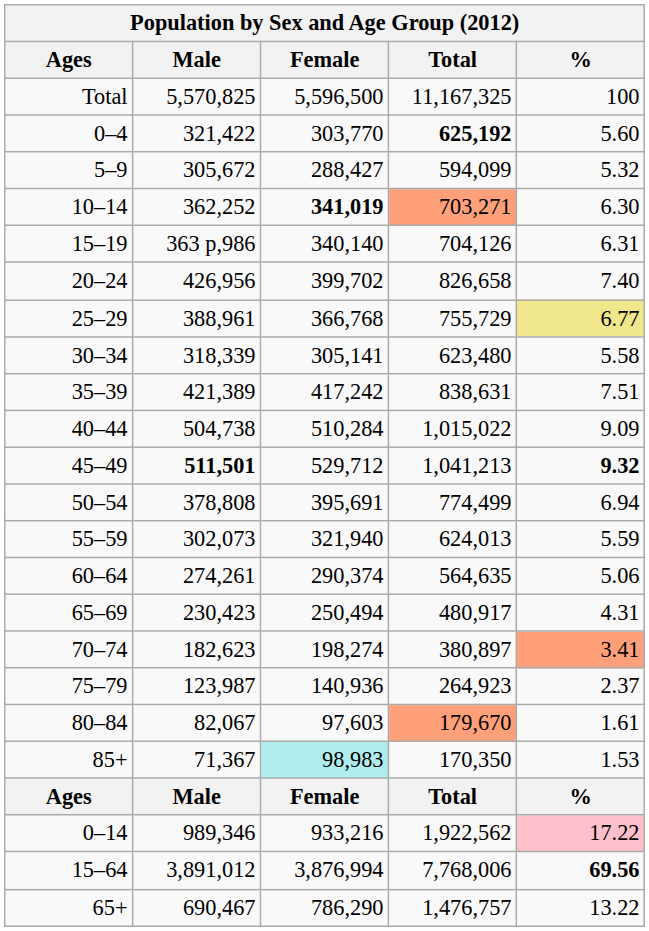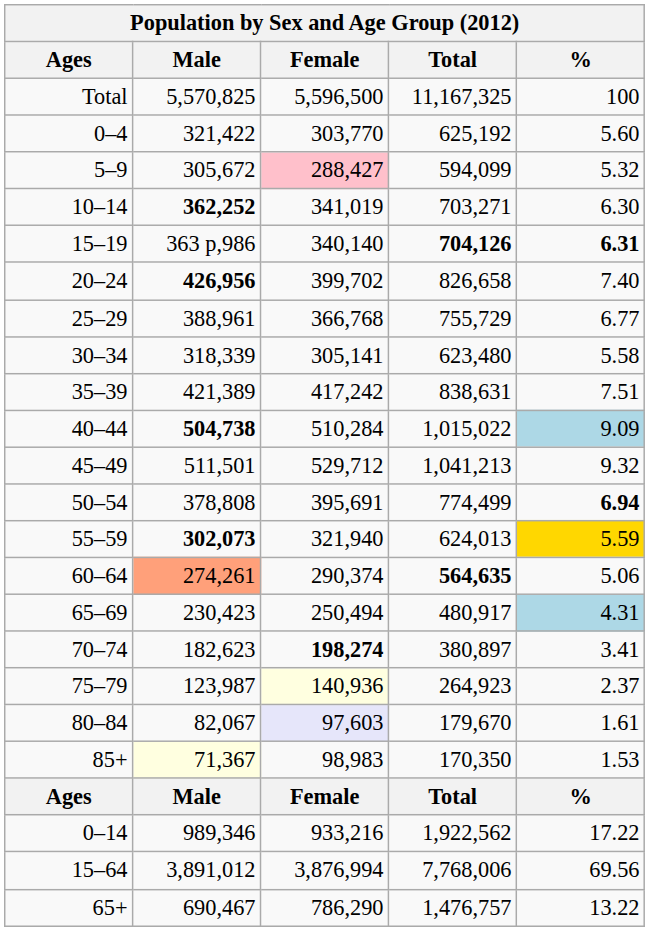 <table class="sort wikitable" style="font-size: 95%">
 <tr>
 <th colspan=6>Population by Sex and Age Group (2012)</th>
 </tr>
 <tr>
 <th width="80pt">Ages</th>
 <th width="80pt">Male</th>
 <th width="80pt">Female</th>
 <th width="80pt">Total</th>
 <th width="80pt">%</th>
 </tr>
 <tr>
 <td align="right">Total</td>
 <td align="right">5,570,825</td>
 <td align="right">5,596,500</td>
 <td align="right">11,167,325</td>
 <td align="right">100</td>
 </tr>
 <tr>
 <td align="right">0–4</td>
 <td align="right">321,422</td>
 <td align="right">303,770</td>
-<td align="right"><strong>625,192</strong></td>
+<td align="right">625,192</td>
 <td align="right">5.60</td>
 </tr>
 <tr>
 <td align="right">5–9</td>
 <td align="right">305,672</td>
-<td align="right">288,427</td>
+<td align="right" style="background: pink;">288,427</td>
 <td align="right">594,099</td>
 <td align="right">5.32</td>
 </tr>
 <tr>
 <td align="right">10–14</td>
-<td align="right">362,252</td>
-<td align="right"><strong>341,019</strong></td>
-<td align="right" style="background: lightsalmon;">703,271</td>
+<td align="right"><strong>362,252</strong></td>
+<td align="right">341,019</td>
+<td align="right">703,271</td>
 <td align="right">6.30</td>
 </tr>
 <tr>
 <td align="right">15–19</td>
 <td align="right">363 p,986</td>
 <td align="right">340,140</td>
-<td align="right">704,126</td>
-<td align="right">6.31</td>
+<td align="right"><strong>704,126</strong></td>
+<td align="right"><strong>6.31</strong></td>
 </tr>
 <tr>
 <td align="right">20–24</td>
-<td align="right">426,956</td>
+<td align="right"><strong>426,956</strong></td>
 <td align="right">399,702</td>
 <td align="right">826,658</td>
 <td align="right">7.40</td>
 </tr>
 <tr>
 <td align="right">25–29</td>
 <td align="right">388,961</td>
 <td align="right">366,768</td>
 <td align="right">755,729</td>
-<td align="right" style="background: khaki;">6.77</td>
+<td align="right">6.77</td>
 </tr>
 <tr>
 <td align="right">30–34</td>
 <td align="right">318,339</td>
 <td align="right">305,141</td>
 <td align="right">623,480</td>
 <td align="right">5.58</td>
 </tr>
 <tr>
 <td align="right">35–39</td>
 <td align="right">421,389</td>
 <td align="right">417,242</td>
 <td align="right">838,631</td>
 <td align="right">7.51</td>
 </tr>
 <tr>
 <td align="right">40–44</td>
-<td align="right">504,738</td>
+<td align="right"><strong>504,738</strong></td>
 <td align="right">510,284</td>
 <td align="right">1,015,022</td>
-<td align="right">9.09</td>
+<td align="right" style="background: lightblue;">9.09</td>
 </tr>
 <tr>
 <td align="right">45–49</td>
-<td align="right"><strong>511,501</strong></td>
+<td align="right">511,501</td>
 <td align="right">529,712</td>
 <td align="right">1,041,213</td>
-<td align="right"><strong>9.32</strong></td>
+<td align="right">9.32</td>
 </tr>
 <tr>
 <td align="right">50–54</td>
 <td align="right">378,808</td>
 <td align="right">395,691</td>
 <td align="right">774,499</td>
-<td align="right">6.94</td>
+<td align="right"><strong>6.94</strong></td>
 </tr>
 <tr>
 <td align="right">55–59</td>
-<td align="right">302,073</td>
+<td align="right"><strong>302,073</strong></td>
 <td align="right">321,940</td>
 <td align="right">624,013</td>
-<td align="right">5.59</td>
+<td align="right" style="background: gold;">5.59</td>
 </tr>
 <tr>
 <td align="right">60–64</td>
-<td align="right">274,261</td>
+<td align="right" style="background: lightsalmon;">274,261</td>
 <td align="right">290,374</td>
-<td align="right">564,635</td>
+<td align="right"><strong>564,635</strong></td>
 <td align="right">5.06</td>
 </tr>
 <tr>
 <td align="right">65–69</td>
 <td align="right">230,423</td>
 <td align="right">250,494</td>
 <td align="right">480,917</td>
-<td align="right">4.31</td>
+<td align="right" style="background: lightblue;">4.31</td>
 </tr>
 <tr>
 <td align="right">70–74</td>
 <td align="right">182,623</td>
-<td align="right">198,274</td>
+<td align="right"><strong>198,274</strong></td>
 <td align="right">380,897</td>
-<td align="right" style="background: lightsalmon;">3.41</td>
+<td align="right">3.41</td>
 </tr>
 <tr>
 <td align="right">75–79</td>
 <td align="right">123,987</td>
-<td align="right">140,936</td>
+<td align="right" style="background: lightyellow;">140,936</td>
 <td align="right">264,923</td>
 <td align="right">2.37</td>
 </tr>
 <tr>
 <td align="right">80–84</td>
 <td align="right">82,067</td>
-<td align="right">97,603</td>
-<td align="right" style="background: lightsalmon;">179,670</td>
+<td align="right" style="background: lavender;">97,603</td>
+<td align="right">179,670</td>
 <td align="right">1.61</td>
 </tr>
 <tr>
 <td align="right">85+</td>
-<td align="right">71,367</td>
-<td align="right" style="background: paleturquoise;">98,983</td>
+<td align="right" style="background: lightyellow;">71,367</td>
+<td align="right">98,983</td>
 <td align="right">170,350</td>
 <td align="right">1.53</td>
 </tr>
 <tr>
 <th width="50">Ages</th>
 <th width="80pt">Male</th>
 <th width="80">Female</th>
 <th width="80">Total</th>
 <th width="50">%</th>
 </tr>
 <tr>
 <td align="right">0–14</td>
 <td align="right">989,346</td>
 <td align="right">933,216</td>
 <td align="right">1,922,562</td>
-<td align="right" style="background: pink;">17.22</td>
+<td align="right">17.22</td>
 </tr>
 <tr>
 <td align="right">15–64</td>
 <td align="right">3,891,012</td>
 <td align="right">3,876,994</td>
 <td align="right">7,768,006</td>
-<td align="right"><strong>69.56</strong></td>
+<td align="right">69.56</td>
 </tr>
 <tr>
 <td align="right">65+</td>
 <td align="right">690,467</td>
 <td align="right">786,290</td>
 <td align="right">1,476,757</td>
 <td align="right">13.22</td>
 </tr>
 <tr>
 </tr>
 </table>
